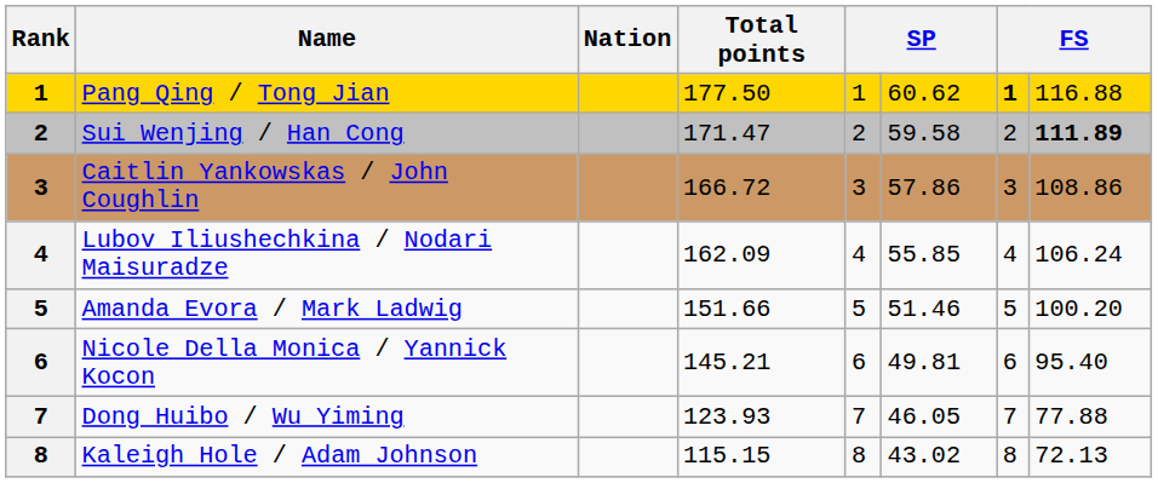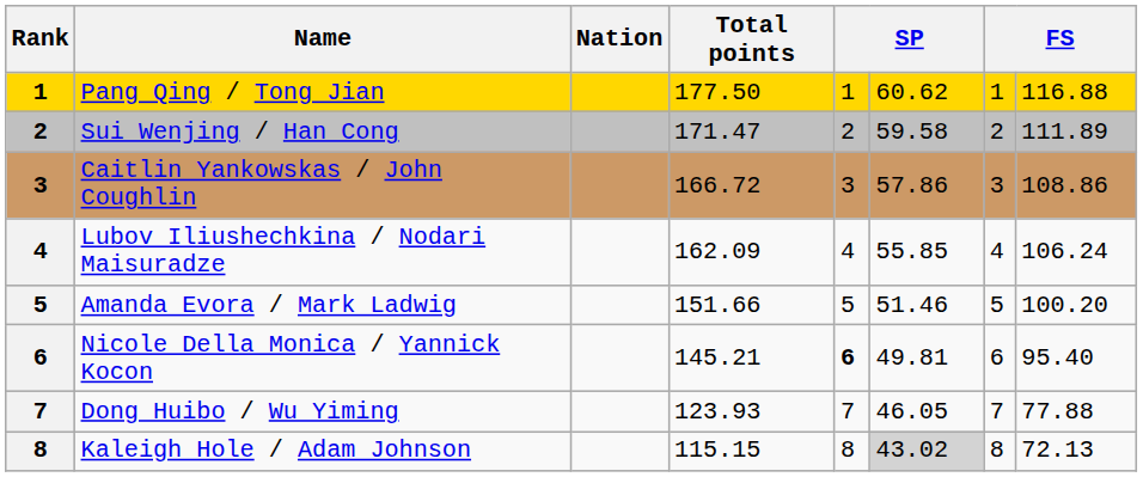 <table class="wikitable sortable">
 <tr>
 <th>Rank</th>
 <th>Name</th>
 <th>Nation</th>
 <th>Total points</th>
 <th colspan="2" width="80px"><a href='#'>SP</a></th>
 <th colspan="2" width="80px"><a href='#'>FS</a></th>
 </tr>
 <tr bgcolor="gold">
 <td align="center"><strong>1</strong></td>
 <td><a href='#'>Pang Qing</a> / <a href='#'>Tong Jian</a></td>
 <td></td>
 <td>177.50</td>
 <td>1</td>
 <td>60.62</td>
-<td><strong>1</strong></td>
+<td>1</td>
 <td>116.88</td>
 </tr>
 <tr bgcolor="silver">
 <td align="center"><strong>2</strong></td>
 <td><a href='#'>Sui Wenjing</a> / <a href='#'>Han Cong</a></td>
 <td></td>
 <td>171.47</td>
 <td>2</td>
 <td>59.58</td>
 <td>2</td>
-<td><strong>111.89</strong></td>
+<td>111.89</td>
 </tr>
 <tr bgcolor="cc9966">
 <td align="center"><strong>3</strong></td>
 <td><a href='#'>Caitlin Yankowskas</a> / <a href='#'>John Coughlin</a></td>
 <td></td>
 <td>166.72</td>
 <td>3</td>
 <td>57.86</td>
 <td>3</td>
 <td>108.86</td>
 </tr>
 <tr>
 <th>4</th>
 <td><a href='#'>Lubov Iliushechkina</a> / <a href='#'>Nodari Maisuradze</a></td>
 <td></td>
 <td>162.09</td>
 <td>4</td>
 <td>55.85</td>
 <td>4</td>
 <td>106.24</td>
 </tr>
 <tr>
 <th>5</th>
 <td><a href='#'>Amanda Evora</a> / <a href='#'>Mark Ladwig</a></td>
 <td></td>
 <td>151.66</td>
 <td>5</td>
 <td>51.46</td>
 <td>5</td>
 <td>100.20</td>
 </tr>
 <tr>
 <th>6</th>
 <td><a href='#'>Nicole Della Monica</a> / <a href='#'>Yannick Kocon</a></td>
 <td></td>
 <td>145.21</td>
-<td>6</td>
+<td><strong>6</strong></td>
 <td>49.81</td>
 <td>6</td>
 <td>95.40</td>
 </tr>
 <tr>
 <th>7</th>
 <td><a href='#'>Dong Huibo</a> / <a href='#'>Wu Yiming</a></td>
 <td></td>
 <td>123.93</td>
 <td>7</td>
 <td>46.05</td>
 <td>7</td>
 <td>77.88</td>
 </tr>
 <tr>
 <th>8</th>
 <td><a href='#'>Kaleigh Hole</a> / <a href='#'>Adam Johnson</a></td>
 <td></td>
 <td>115.15</td>
 <td>8</td>
-<td>43.02</td>
+<td style="background: lightgrey;">43.02</td>
 <td>8</td>
 <td>72.13</td>
 </tr>
 </table>
